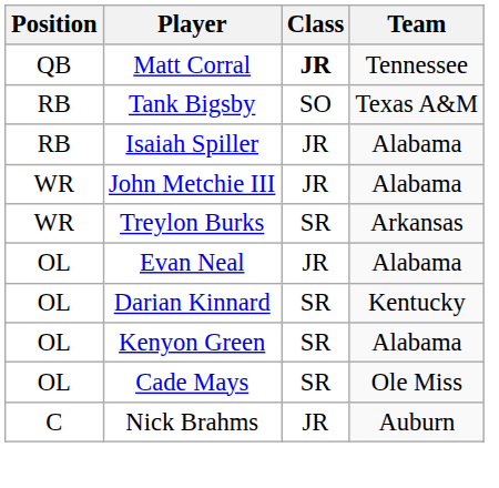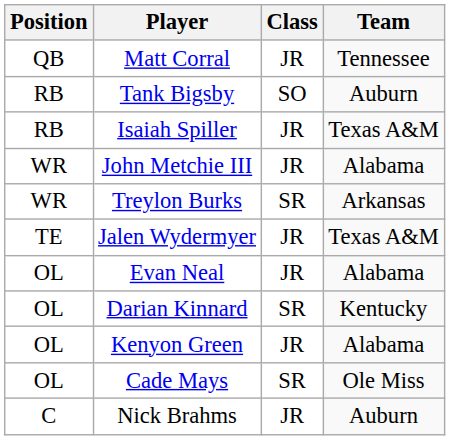 <table class="wikitable sortable">
 <tr>
 <th>Position</th>
 <th>Player</th>
 <th>Class</th>
 <th>Team</th>
 </tr>
 <tr style="text-align:center;">
 <td style="background:white">QB</td>
 <td style="background:white"><a href='#'>Matt Corral</a></td>
-<td style="background:white"><strong>JR</strong></td>
+<td style="background:white">JR</td>
 <td>Tennessee</td>
 </tr>
 <tr style="text-align:center;">
 <td style="background:white">RB</td>
 <td style="background:white"><a href='#'>Tank Bigsby</a></td>
 <td style="background:white">SO</td>
-<td>Texas A&M</td>
+<td>Auburn</td>
 </tr>
 <tr style="text-align:center;">
 <td style="background:white">RB</td>
 <td style="background:white"><a href='#'>Isaiah Spiller</a></td>
 <td style="background:white">JR</td>
-<td>Alabama</td>
+<td>Texas A&M</td>
 </tr>
 <tr style="text-align:center;">
 <td style="background:white">WR</td>
 <td style="background:white"><a href='#'>John Metchie III</a></td>
 <td style="background:white">JR</td>
 <td>Alabama</td>
 </tr>
 <tr style="text-align:center;">
 <td style="background:white">WR</td>
 <td style="background:white"><a href='#'>Treylon Burks</a></td>
 <td style="background:white">SR</td>
 <td>Arkansas</td>
+</tr>
+<tr style="text-align:center;">
+<td style="background:white">TE</td>
+<td style="background:white"><a href='#'>Jalen Wydermyer</a></td>
+<td style="background:white">JR</td>
+<td>Texas A&M</td>
 </tr>
 <tr style="text-align:center;">
 <td style="background:white">OL</td>
 <td style="background:white"><a href='#'>Evan Neal</a></td>
 <td style="background:white">JR</td>
 <td>Alabama</td>
 </tr>
 <tr style="text-align:center;">
 <td style="background:white">OL</td>
 <td style="background:white"><a href='#'>Darian Kinnard</a></td>
 <td style="background:white">SR</td>
 <td>Kentucky</td>
 </tr>
 <tr style="text-align:center;">
 <td style="background:white">OL</td>
 <td style="background:white"><a href='#'>Kenyon Green</a></td>
-<td style="background:white">SR</td>
+<td style="background:white">JR</td>
 <td>Alabama</td>
 </tr>
 <tr style="text-align:center;">
 <td style="background:white">OL</td>
 <td style="background:white"><a href='#'>Cade Mays</a></td>
 <td style="background:white">SR</td>
 <td>Ole Miss</td>
 </tr>
 <tr style="text-align:center;">
 <td style="background:white">C</td>
 <td style="background:white">Nick Brahms</td>
 <td style="background:white">JR</td>
 <td>Auburn</td>
 </tr>
 </table>
